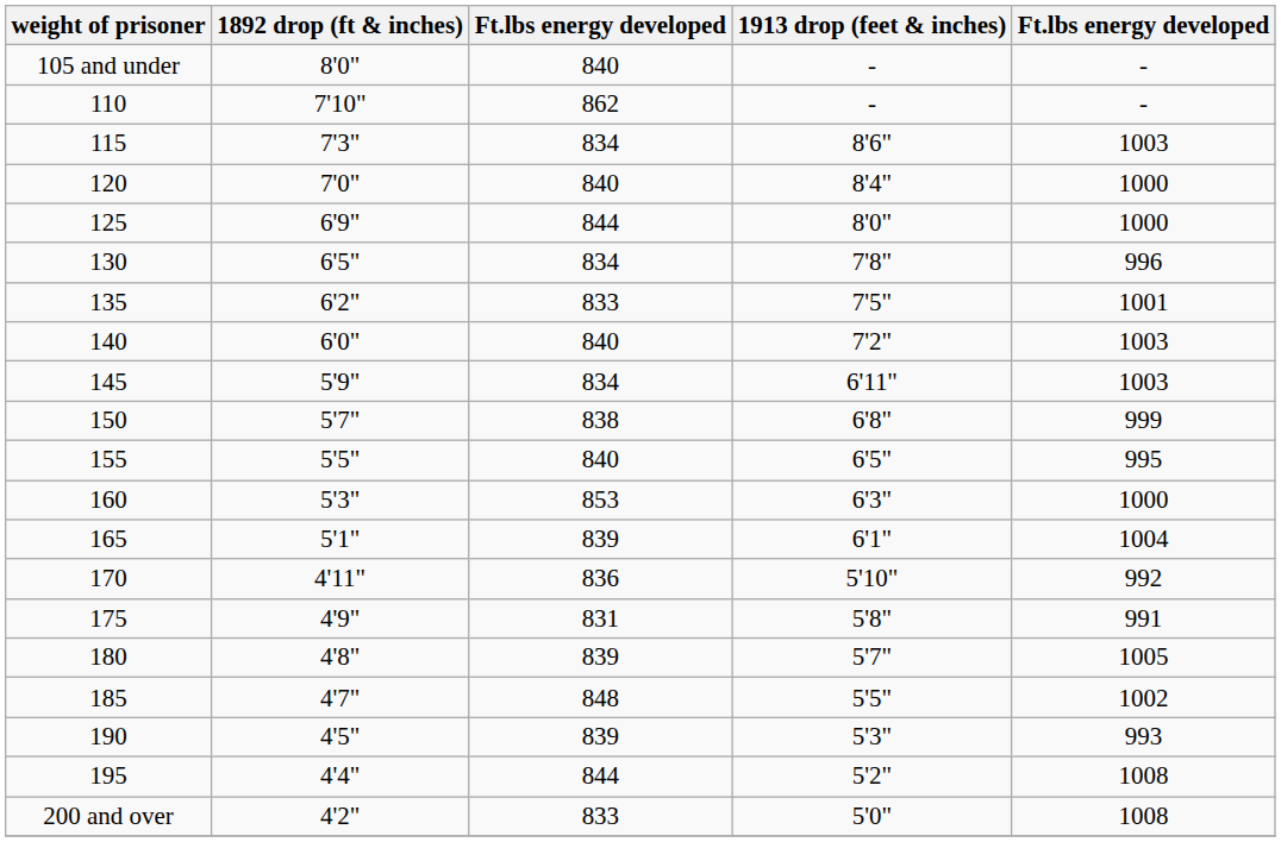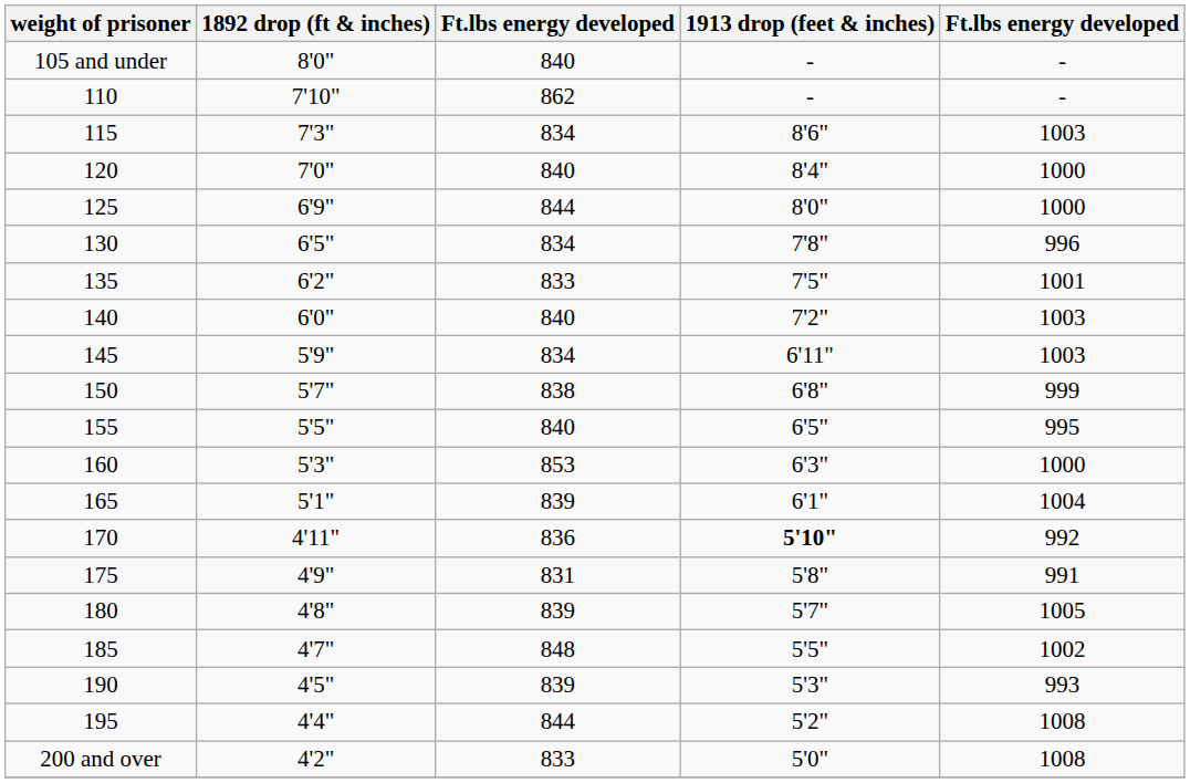 <table class="wikitable" style="text-align:center">
 <tr>
 <th colspan=1>weight of prisoner</th>
 <th colspan=1>1892 drop (ft & inches)</th>
 <th colspan=1>Ft.lbs energy developed</th>
 <th colspan=1>1913 drop (feet & inches)</th>
 <th colspan=1>Ft.lbs energy developed</th>
 </tr>
 <tr>
 <td>105 and under</td>
 <td>8'0"</td>
 <td>840</td>
 <td>-</td>
 <td>-</td>
 </tr>
 <tr>
 <td>110</td>
 <td>7'10"</td>
 <td>862</td>
 <td>-</td>
 <td>-</td>
 </tr>
 <tr>
 <td>115</td>
 <td>7'3"</td>
 <td>834</td>
 <td>8'6"</td>
 <td>1003</td>
 </tr>
 <tr>
 <td>120</td>
 <td>7'0"</td>
 <td>840</td>
 <td>8'4"</td>
 <td>1000</td>
 </tr>
 <tr>
 <td>125</td>
 <td>6'9"</td>
 <td>844</td>
 <td>8'0"</td>
 <td>1000</td>
 </tr>
 <tr>
 <td>130</td>
 <td>6'5"</td>
 <td>834</td>
 <td>7'8"</td>
 <td>996</td>
 </tr>
 <tr>
 <td>135</td>
 <td>6'2"</td>
 <td>833</td>
 <td>7'5"</td>
 <td>1001</td>
 </tr>
 <tr>
 <td>140</td>
 <td>6'0"</td>
 <td>840</td>
 <td>7'2"</td>
 <td>1003</td>
 </tr>
 <tr>
 <td>145</td>
 <td>5'9"</td>
 <td>834</td>
 <td>6'11"</td>
 <td>1003</td>
 </tr>
 <tr>
 <td>150</td>
 <td>5'7"</td>
 <td>838</td>
 <td>6'8"</td>
 <td>999</td>
 </tr>
 <tr>
 <td>155</td>
 <td>5'5"</td>
 <td>840</td>
 <td>6'5"</td>
 <td>995</td>
 </tr>
 <tr>
 <td>160</td>
 <td>5'3"</td>
 <td>853</td>
 <td>6'3"</td>
 <td>1000</td>
 </tr>
 <tr>
 <td>165</td>
 <td>5'1"</td>
 <td>839</td>
 <td>6'1"</td>
 <td>1004</td>
 </tr>
 <tr>
 <td>170</td>
 <td>4'11"</td>
 <td>836</td>
-<td>5'10"</td>
+<td><strong>5'10"</strong></td>
 <td>992</td>
 </tr>
 <tr>
 <td>175</td>
 <td>4'9"</td>
 <td>831</td>
 <td>5'8"</td>
 <td>991</td>
 </tr>
 <tr>
 <td>180</td>
 <td>4'8"</td>
 <td>839</td>
 <td>5'7"</td>
 <td>1005</td>
 </tr>
 <tr>
 <td>185</td>
 <td>4'7"</td>
 <td>848</td>
 <td>5'5"</td>
 <td>1002</td>
 </tr>
 <tr>
 <td>190</td>
 <td>4'5"</td>
 <td>839</td>
 <td>5'3"</td>
 <td>993</td>
 </tr>
 <tr>
 <td>195</td>
 <td>4'4"</td>
 <td>844</td>
 <td>5'2"</td>
 <td>1008</td>
 </tr>
 <tr>
 <td>200 and over</td>
 <td>4'2"</td>
 <td>833</td>
 <td>5'0"</td>
 <td>1008</td>
 </tr>
 <tr>
 </tr>
 </table>
